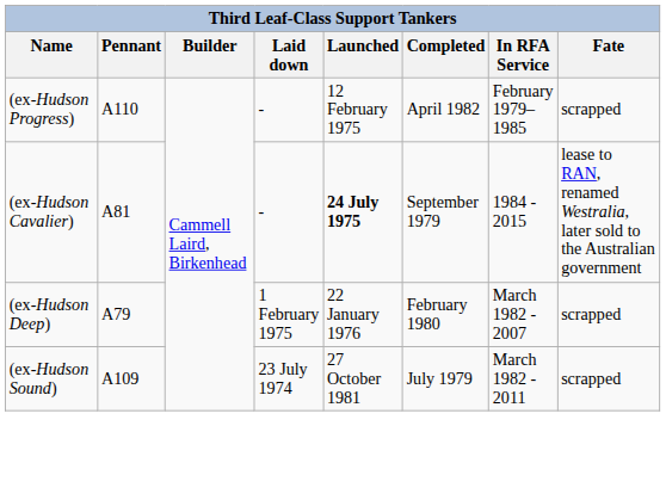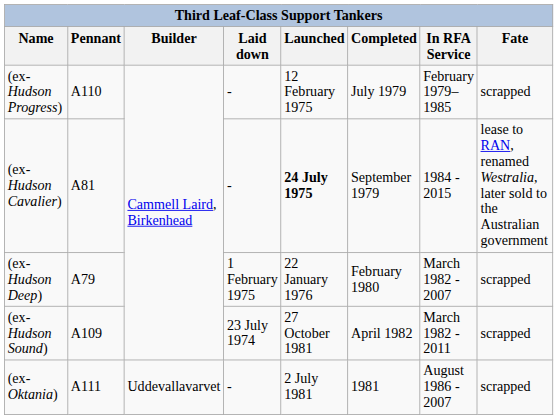 <table class="wikitable" style="margin:auto; width:100%;">
 <tr>
 <th style="align: center; background:#B0C4DE;" colspan="8">Third Leaf-Class Support Tankers</th>
 </tr>
 <tr style="vertical-align: top;">
 <th style="text-align:center; width:20%;">Name</th>
 <th style="text-align:center; width:5%;">Pennant</th>
 <th style="text-align:center; width:15%;">Builder</th>
 <th style="text-align:center; width:10%;">Laid down</th>
 <th style="text-align:center; width:10%;">Launched</th>
 <th style="text-align:center; width:10%;">Completed</th>
 <th style="text-align:center; width:10%;">In RFA Service</th>
 <th style="text-align:center; width:20%;">Fate</th>
 </tr>
 <tr>
 <td> (ex-<em>Hudson Progress</em>)</td>
 <td>A110</td>
 <td rowspan=4><a href='#'>Cammell Laird</a>, <a href='#'>Birkenhead</a></td>
 <td>-</td>
 <td>12 February 1975</td>
-<td>April 1982</td>
+<td>July 1979</td>
 <td>February 1979–1985</td>
 <td>scrapped</td>
 </tr>
 <tr>
 <td> (ex-<em>Hudson Cavalier</em>)</td>
 <td>A81</td>
 <td>-</td>
 <td><strong>24 July 1975</strong></td>
 <td>September 1979</td>
 <td>1984 - 2015</td>
 <td>lease to <a href='#'>RAN</a>, renamed <em>Westralia</em>, later sold to the Australian government</td>
 </tr>
 <tr>
 <td> (ex-<em>Hudson Deep</em>)</td>
 <td>A79</td>
 <td>1 February 1975</td>
 <td>22 January 1976</td>
 <td>February 1980</td>
 <td>March 1982 - 2007</td>
 <td>scrapped</td>
 </tr>
 <tr>
 <td> (ex-<em>Hudson Sound</em>)</td>
 <td>A109</td>
 <td>23 July 1974</td>
 <td>27 October 1981</td>
-<td>July 1979</td>
+<td>April 1982</td>
 <td>March 1982 - 2011</td>
 <td>scrapped</td>
 </tr>
+<tr>
+<td> (ex-<em>Oktania</em>)</td>
+<td>A111</td>
+<td>Uddevallavarvet</td>
+<td>-</td>
+<td>2 July 1981</td>
+<td>1981</td>
+<td>August 1986 - 2007</td>
+<td>scrapped</td>
+</tr>
 </table>
